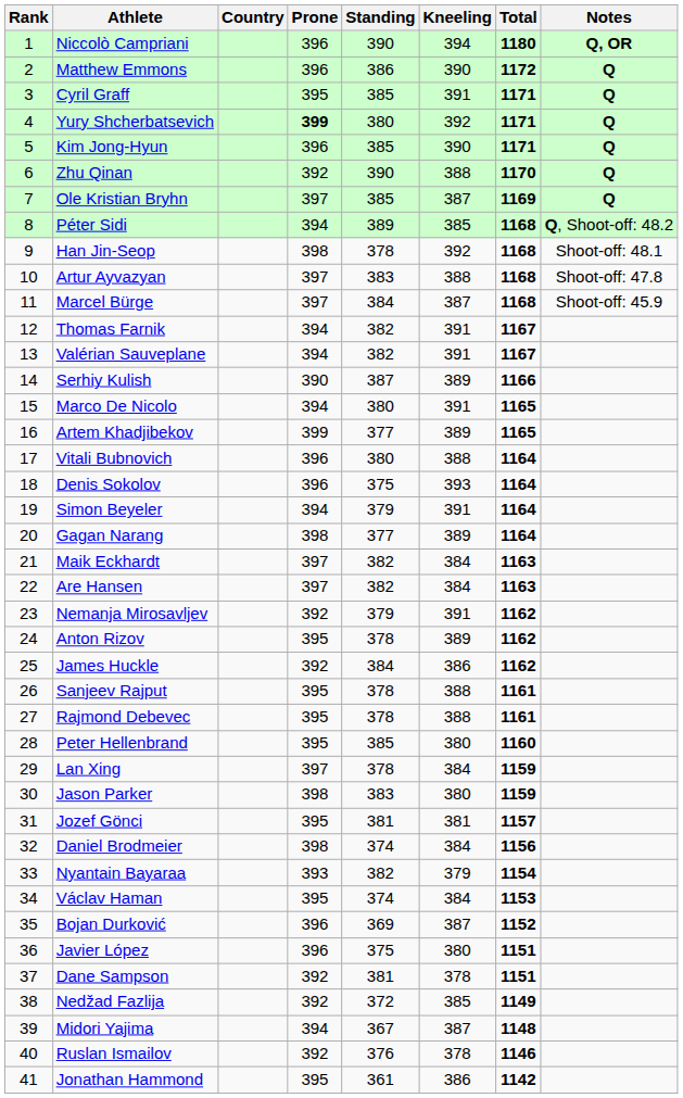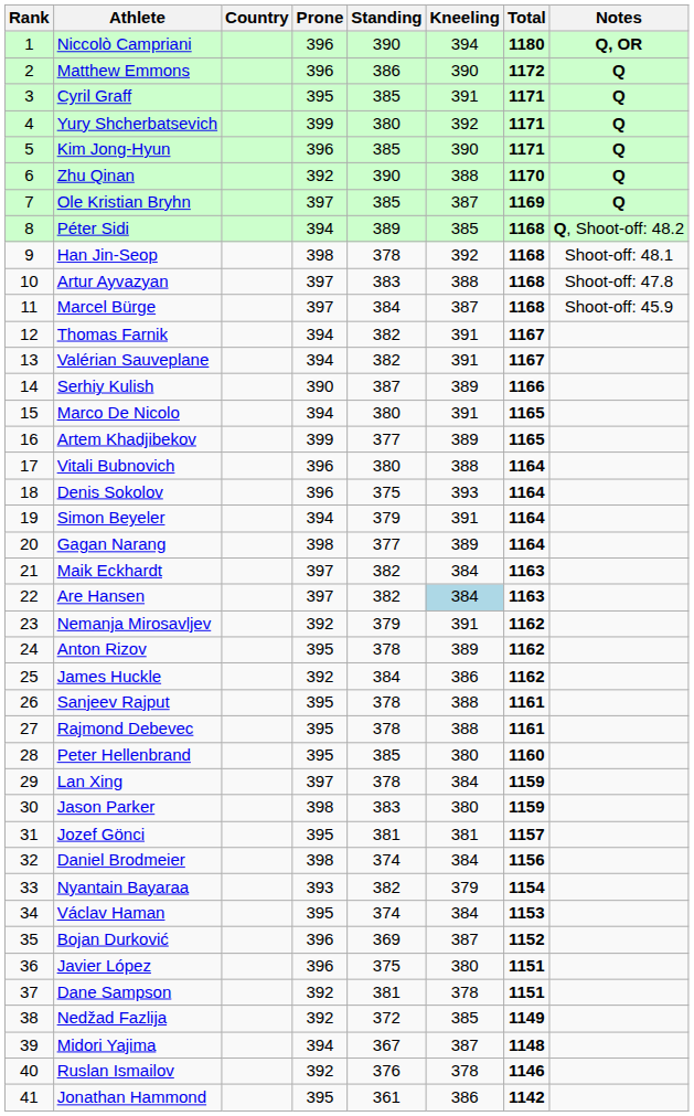 <table class="wikitable sortable" style="text-align:center">
 <tr>
 <th>Rank</th>
 <th>Athlete</th>
 <th>Country</th>
 <th>Prone</th>
 <th>Standing</th>
 <th>Kneeling</th>
 <th>Total</th>
 <th>Notes</th>
 </tr>
 <tr bgcolor=#ccffcc>
 <td>1</td>
 <td align="left"><a href='#'>Niccolò Campriani</a></td>
 <td align="left"></td>
 <td>396</td>
 <td>390</td>
 <td>394</td>
 <td><strong>1180</strong></td>
 <td><strong>Q, OR</strong></td>
 </tr>
 <tr bgcolor=#ccffcc>
 <td>2</td>
 <td align="left"><a href='#'>Matthew Emmons</a></td>
 <td align="left"></td>
 <td>396</td>
 <td>386</td>
 <td>390</td>
 <td><strong>1172</strong></td>
 <td><strong>Q</strong></td>
 </tr>
 <tr bgcolor=#ccffcc>
 <td>3</td>
 <td align="left"><a href='#'>Cyril Graff</a></td>
 <td align="left"></td>
 <td>395</td>
 <td>385</td>
 <td>391</td>
 <td><strong>1171</strong></td>
 <td><strong>Q</strong></td>
 </tr>
 <tr bgcolor=#ccffcc>
 <td>4</td>
 <td align="left"><a href='#'>Yury Shcherbatsevich</a></td>
 <td align="left"></td>
-<td><strong>399</strong></td>
+<td>399</td>
 <td>380</td>
 <td>392</td>
 <td><strong>1171</strong></td>
 <td><strong>Q</strong></td>
 </tr>
 <tr bgcolor=#ccffcc>
 <td>5</td>
 <td align="left"><a href='#'>Kim Jong-Hyun</a></td>
 <td align="left"></td>
 <td>396</td>
 <td>385</td>
 <td>390</td>
 <td><strong>1171</strong></td>
 <td><strong>Q</strong></td>
 </tr>
 <tr bgcolor=#ccffcc>
 <td>6</td>
 <td align="left"><a href='#'>Zhu Qinan</a></td>
 <td align="left"></td>
 <td>392</td>
 <td>390</td>
 <td>388</td>
 <td><strong>1170</strong></td>
 <td><strong>Q</strong></td>
 </tr>
 <tr bgcolor=#ccffcc>
 <td>7</td>
 <td align="left"><a href='#'>Ole Kristian Bryhn</a></td>
 <td align="left"></td>
 <td>397</td>
 <td>385</td>
 <td>387</td>
 <td><strong>1169</strong></td>
 <td><strong>Q</strong></td>
 </tr>
 <tr bgcolor=#ccffcc>
 <td>8</td>
 <td align="left"><a href='#'>Péter Sidi</a></td>
 <td align="left"></td>
 <td>394</td>
 <td>389</td>
 <td>385</td>
 <td><strong>1168</strong></td>
 <td><strong>Q</strong>, Shoot-off: 48.2</td>
 </tr>
 <tr>
 <td>9</td>
 <td align="left"><a href='#'>Han Jin-Seop</a></td>
 <td align="left"></td>
 <td>398</td>
 <td>378</td>
 <td>392</td>
 <td><strong>1168</strong></td>
 <td>Shoot-off: 48.1</td>
 </tr>
 <tr>
 <td>10</td>
 <td align="left"><a href='#'>Artur Ayvazyan</a></td>
 <td align="left"></td>
 <td>397</td>
 <td>383</td>
 <td>388</td>
 <td><strong>1168</strong></td>
 <td>Shoot-off: 47.8</td>
 </tr>
 <tr>
 <td>11</td>
 <td align="left"><a href='#'>Marcel Bürge</a></td>
 <td align="left"></td>
 <td>397</td>
 <td>384</td>
 <td>387</td>
 <td><strong>1168</strong></td>
 <td>Shoot-off: 45.9</td>
 </tr>
 <tr>
 <td>12</td>
 <td align="left"><a href='#'>Thomas Farnik</a></td>
 <td align="left"></td>
 <td>394</td>
 <td>382</td>
 <td>391</td>
 <td><strong>1167</strong></td>
 <td></td>
 </tr>
 <tr>
 <td>13</td>
 <td align="left"><a href='#'>Valérian Sauveplane</a></td>
 <td align="left"></td>
 <td>394</td>
 <td>382</td>
 <td>391</td>
 <td><strong>1167</strong></td>
 <td></td>
 </tr>
 <tr>
 <td>14</td>
 <td align="left"><a href='#'>Serhiy Kulish</a></td>
 <td align="left"></td>
 <td>390</td>
 <td>387</td>
 <td>389</td>
 <td><strong>1166</strong></td>
 <td></td>
 </tr>
 <tr>
 <td>15</td>
 <td align="left"><a href='#'>Marco De Nicolo</a></td>
 <td align="left"></td>
 <td>394</td>
 <td>380</td>
 <td>391</td>
 <td><strong>1165</strong></td>
 <td></td>
 </tr>
 <tr>
 <td>16</td>
 <td align="left"><a href='#'>Artem Khadjibekov</a></td>
 <td align="left"></td>
 <td>399</td>
 <td>377</td>
 <td>389</td>
 <td><strong>1165</strong></td>
 <td></td>
 </tr>
 <tr>
 <td>17</td>
 <td align="left"><a href='#'>Vitali Bubnovich</a></td>
 <td align="left"></td>
 <td>396</td>
 <td>380</td>
 <td>388</td>
 <td><strong>1164</strong></td>
 <td></td>
 </tr>
 <tr>
 <td>18</td>
 <td align="left"><a href='#'>Denis Sokolov</a></td>
 <td align="left"></td>
 <td>396</td>
 <td>375</td>
 <td>393</td>
 <td><strong>1164</strong></td>
 <td></td>
 </tr>
 <tr>
 <td>19</td>
 <td align="left"><a href='#'>Simon Beyeler</a></td>
 <td align="left"></td>
 <td>394</td>
 <td>379</td>
 <td>391</td>
 <td><strong>1164</strong></td>
 <td></td>
 </tr>
 <tr>
 <td>20</td>
 <td align="left"><a href='#'>Gagan Narang</a></td>
 <td align="left"></td>
 <td>398</td>
 <td>377</td>
 <td>389</td>
 <td><strong>1164</strong></td>
 <td></td>
 </tr>
 <tr>
 <td>21</td>
 <td align="left"><a href='#'>Maik Eckhardt</a></td>
 <td align="left"></td>
 <td>397</td>
 <td>382</td>
 <td>384</td>
 <td><strong>1163</strong></td>
 <td></td>
 </tr>
 <tr>
 <td>22</td>
 <td align="left"><a href='#'>Are Hansen</a></td>
 <td align="left"></td>
 <td>397</td>
 <td>382</td>
-<td>384</td>
+<td style="background: lightblue;">384</td>
 <td><strong>1163</strong></td>
 <td></td>
 </tr>
 <tr>
 <td>23</td>
 <td align="left"><a href='#'>Nemanja Mirosavljev</a></td>
 <td align="left"></td>
 <td>392</td>
 <td>379</td>
 <td>391</td>
 <td><strong>1162</strong></td>
 <td></td>
 </tr>
 <tr>
 <td>24</td>
 <td align="left"><a href='#'>Anton Rizov</a></td>
 <td align="left"></td>
 <td>395</td>
 <td>378</td>
 <td>389</td>
 <td><strong>1162</strong></td>
 <td></td>
 </tr>
 <tr>
 <td>25</td>
 <td align="left"><a href='#'>James Huckle</a></td>
 <td align="left"></td>
 <td>392</td>
 <td>384</td>
 <td>386</td>
 <td><strong>1162</strong></td>
 <td></td>
 </tr>
 <tr>
 <td>26</td>
 <td align="left"><a href='#'>Sanjeev Rajput</a></td>
 <td align="left"></td>
 <td>395</td>
 <td>378</td>
 <td>388</td>
 <td><strong>1161</strong></td>
 <td></td>
 </tr>
 <tr>
 <td>27</td>
 <td align="left"><a href='#'>Rajmond Debevec</a></td>
 <td align="left"></td>
 <td>395</td>
 <td>378</td>
 <td>388</td>
 <td><strong>1161</strong></td>
 <td></td>
 </tr>
 <tr>
 <td>28</td>
 <td align="left"><a href='#'>Peter Hellenbrand</a></td>
 <td align="left"></td>
 <td>395</td>
 <td>385</td>
 <td>380</td>
 <td><strong>1160</strong></td>
 <td></td>
 </tr>
 <tr>
 <td>29</td>
 <td align="left"><a href='#'>Lan Xing</a></td>
 <td align="left"></td>
 <td>397</td>
 <td>378</td>
 <td>384</td>
 <td><strong>1159</strong></td>
 <td></td>
 </tr>
 <tr>
 <td>30</td>
 <td align="left"><a href='#'>Jason Parker</a></td>
 <td align="left"></td>
 <td>398</td>
 <td>383</td>
 <td>380</td>
 <td><strong>1159</strong></td>
 <td></td>
 </tr>
 <tr>
 <td>31</td>
 <td align="left"><a href='#'>Jozef Gönci</a></td>
 <td align="left"></td>
 <td>395</td>
 <td>381</td>
 <td>381</td>
 <td><strong>1157</strong></td>
 <td></td>
 </tr>
 <tr>
 <td>32</td>
 <td align="left"><a href='#'>Daniel Brodmeier</a></td>
 <td align="left"></td>
 <td>398</td>
 <td>374</td>
 <td>384</td>
 <td><strong>1156</strong></td>
 <td></td>
 </tr>
 <tr>
 <td>33</td>
 <td align="left"><a href='#'>Nyantain Bayaraa</a></td>
 <td align="left"></td>
 <td>393</td>
 <td>382</td>
 <td>379</td>
 <td><strong>1154</strong></td>
 <td></td>
 </tr>
 <tr>
 <td>34</td>
 <td align="left"><a href='#'>Václav Haman</a></td>
 <td align="left"></td>
 <td>395</td>
 <td>374</td>
 <td>384</td>
 <td><strong>1153</strong></td>
 <td></td>
 </tr>
 <tr>
 <td>35</td>
 <td align="left"><a href='#'>Bojan Durković</a></td>
 <td align="left"></td>
 <td>396</td>
 <td>369</td>
 <td>387</td>
 <td><strong>1152</strong></td>
 <td></td>
 </tr>
 <tr>
 <td>36</td>
 <td align="left"><a href='#'>Javier López</a></td>
 <td align="left"></td>
 <td>396</td>
 <td>375</td>
 <td>380</td>
 <td><strong>1151</strong></td>
 <td></td>
 </tr>
 <tr>
 <td>37</td>
 <td align="left"><a href='#'>Dane Sampson</a></td>
 <td align="left"></td>
 <td>392</td>
 <td>381</td>
 <td>378</td>
 <td><strong>1151</strong></td>
 <td></td>
 </tr>
 <tr>
 <td>38</td>
 <td align="left"><a href='#'>Nedžad Fazlija</a></td>
 <td align="left"></td>
 <td>392</td>
 <td>372</td>
 <td>385</td>
 <td><strong>1149</strong></td>
 <td></td>
 </tr>
 <tr>
 <td>39</td>
 <td align="left"><a href='#'>Midori Yajima</a></td>
 <td align="left"></td>
 <td>394</td>
 <td>367</td>
 <td>387</td>
 <td><strong>1148</strong></td>
 <td></td>
 </tr>
 <tr>
 <td>40</td>
 <td align="left"><a href='#'>Ruslan Ismailov</a></td>
 <td align="left"></td>
 <td>392</td>
 <td>376</td>
 <td>378</td>
 <td><strong>1146</strong></td>
 <td></td>
 </tr>
 <tr>
 <td>41</td>
 <td align="left"><a href='#'>Jonathan Hammond</a></td>
 <td align="left"></td>
 <td>395</td>
 <td>361</td>
 <td>386</td>
 <td><strong>1142</strong></td>
 <td></td>
 </tr>
 </table>
